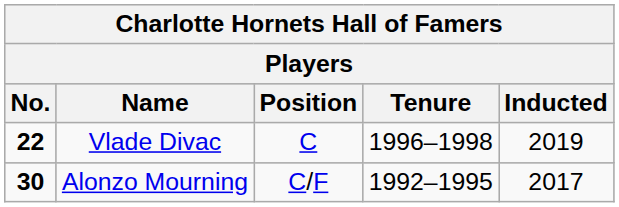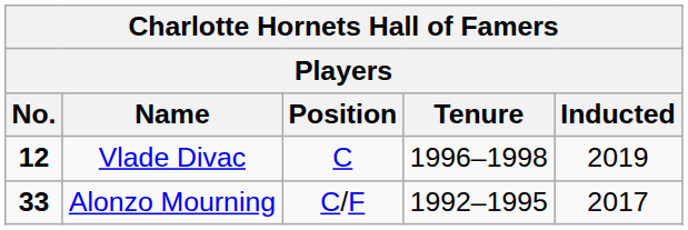 <table class="wikitable" style="text-align:center">
 <tr>
 <th colspan="5">Charlotte Hornets Hall of Famers</th>
 </tr>
 <tr>
 <th colspan="5" style="text-align:center; ">Players</th>
 </tr>
 <tr>
 <th>No.</th>
 <th>Name</th>
 <th>Position</th>
 <th>Tenure</th>
 <th>Inducted</th>
 </tr>
 <tr>
-<td><strong>22</strong></td>
+<td><strong>12</strong></td>
 <td><a href='#'>Vlade Divac</a></td>
 <td><a href='#'>C</a></td>
 <td>1996–1998</td>
 <td>2019</td>
 </tr>
 <tr>
-<td><strong>30</strong></td>
+<td><strong>33</strong></td>
 <td><a href='#'>Alonzo Mourning</a></td>
 <td><a href='#'>C</a>/<a href='#'>F</a></td>
 <td>1992–1995</td>
 <td>2017</td>
 </tr>
 </table>
